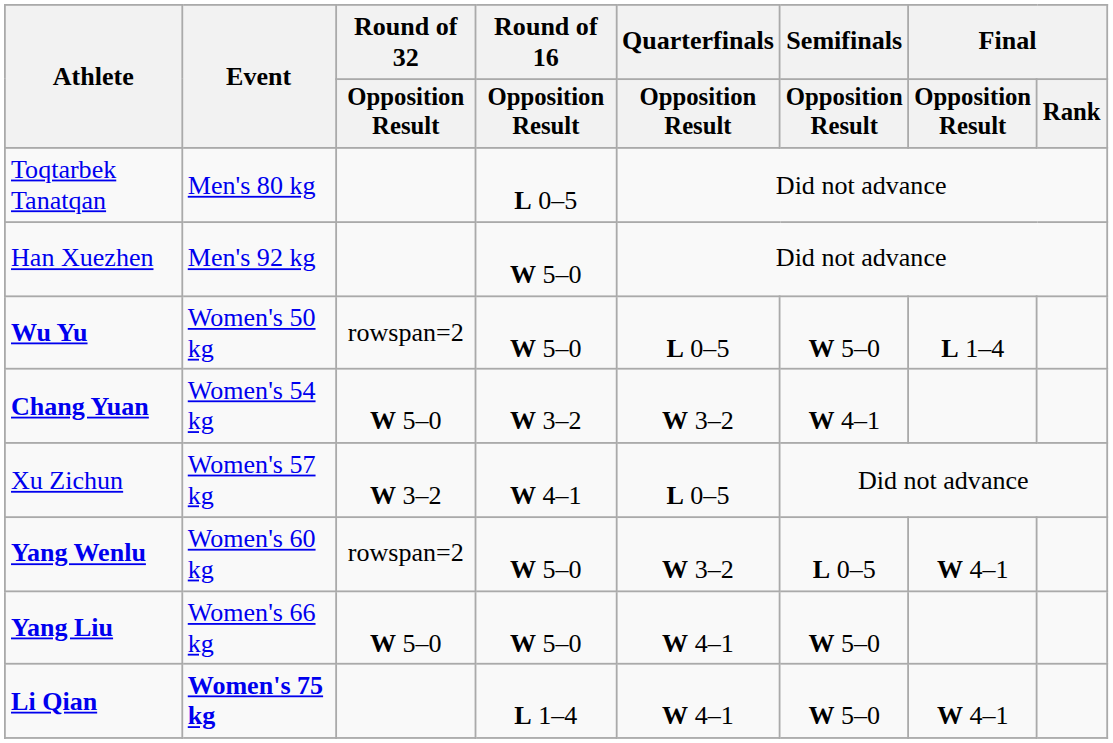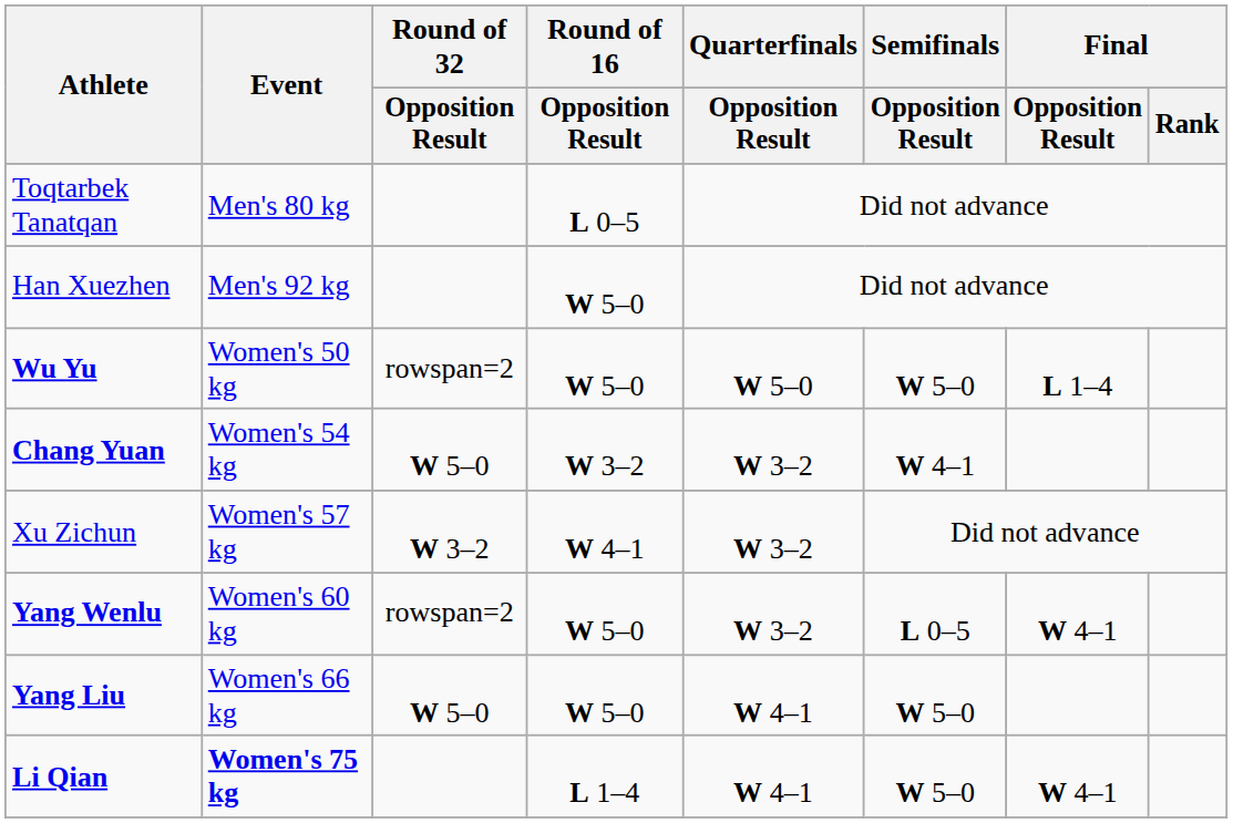 <table class="wikitable" style="font-size:90%">
 <tr>
 <th rowspan="2">Athlete</th>
 <th rowspan="2">Event</th>
 <th>Round of 32</th>
 <th>Round of 16</th>
 <th>Quarterfinals</th>
 <th>Semifinals</th>
 <th colspan=2>Final</th>
 </tr>
 <tr style="font-size:95%">
 <th>Opposition<br>Result</th>
 <th>Opposition<br>Result</th>
 <th>Opposition<br>Result</th>
 <th>Opposition<br>Result</th>
 <th>Opposition<br>Result</th>
 <th>Rank</th>
 </tr>
 <tr align=center>
 <td align=left><a href='#'>Toqtarbek Tanatqan</a></td>
 <td align=left><a href='#'>Men's 80 kg</a></td>
 <td></td>
 <td><br><strong>L</strong> 0–5</td>
 <td colspan=4>Did not advance</td>
 </tr>
 <tr align=center>
 <td align=left><a href='#'>Han Xuezhen</a></td>
 <td align=left><a href='#'>Men's 92 kg</a></td>
 <td></td>
 <td><br><strong>W</strong> 5–0</td>
 <td colspan=4>Did not advance</td>
 </tr>
 <tr align=center>
 <td align=left><strong><a href='#'>Wu Yu</a></strong></td>
 <td align=left><a href='#'>Women's 50 kg</a></td>
 <td>rowspan=2 </td>
 <td><br><strong>W</strong> 5–0</td>
-<td><br><strong>L</strong> 0–5</td>
+<td><br><strong>W</strong> 5–0</td>
 <td><br><strong>W</strong> 5–0</td>
 <td><br><strong>L</strong> 1–4</td>
 <td></td>
 </tr>
 <tr align=center>
 <td align=left><strong><a href='#'>Chang Yuan</a></strong></td>
 <td align=left><a href='#'>Women's 54 kg</a></td>
 <td><br><strong>W</strong> 5–0</td>
 <td><br><strong>W</strong> 3–2</td>
 <td><br><strong>W</strong> 3–2</td>
 <td><br><strong>W</strong> 4–1</td>
 <td></td>
 </tr>
 <tr align=center>
 <td align=left><a href='#'>Xu Zichun</a></td>
 <td align=left><a href='#'>Women's 57 kg</a></td>
 <td><br><strong>W</strong> 3–2</td>
 <td><br><strong>W</strong> 4–1</td>
-<td><br><strong>L</strong> 0–5</td>
+<td><br><strong>W</strong> 3–2</td>
 <td colspan=3>Did not advance</td>
 </tr>
 <tr align=center>
 <td align=left><strong><a href='#'>Yang Wenlu</a></strong></td>
 <td align=left><a href='#'>Women's 60 kg</a></td>
 <td>rowspan=2 </td>
 <td><br><strong>W</strong> 5–0</td>
 <td><br><strong>W</strong> 3–2</td>
 <td><br><strong>L</strong> 0–5</td>
 <td><br><strong>W</strong> 4–1</td>
 <td></td>
 </tr>
 <tr align=center>
 <td align=left><strong><a href='#'>Yang Liu</a></strong></td>
 <td align=left><a href='#'>Women's 66 kg</a></td>
 <td><br><strong>W</strong> 5–0</td>
 <td><br><strong>W</strong> 5–0</td>
 <td><br><strong>W</strong> 4–1</td>
 <td><br><strong>W</strong> 5–0</td>
 <td></td>
 </tr>
 <tr align=center>
 <td align=left><strong><a href='#'>Li Qian</a></strong></td>
 <td align=left><strong><a href='#'>Women's 75 kg</a></strong></td>
 <td></td>
 <td><br><strong>L</strong> 1–4</td>
 <td><br><strong>W</strong> 4–1</td>
 <td><br><strong>W</strong> 5–0</td>
 <td><br><strong>W</strong> 4–1</td>
 <td></td>
 </tr>
 </table>
